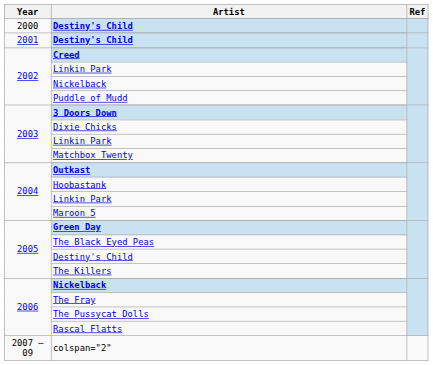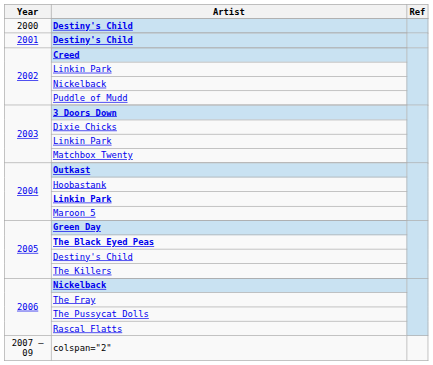 <table class="wikitable" style="width:100%;">
 <tr style="background:#bebebe;">
 <th style="width:11%;">Year</th>
 <th style="width:84%;">Artist</th>
 <th style="width:5%;">Ref</th>
 </tr>
 <tr>
 <td rowspan="2" align="center">2000</td>
 </tr>
 <tr style="background:#c9e2f2">
 <td><strong><a href='#'>Destiny's Child</a></strong></td>
 <td rowspan="2" align="center"></td>
 </tr>
 <tr>
 <td rowspan="2" align="center"><a href='#'>2001</a></td>
 </tr>
 <tr style="background:#c9e2f2">
 <td><strong><a href='#'>Destiny's Child</a></strong></td>
 <td rowspan="2" align="center"></td>
 </tr>
 <tr>
 <td rowspan="5" align="center"><a href='#'>2002</a></td>
 </tr>
 <tr style="background:#c9e2f2">
 <td><strong><a href='#'>Creed</a></strong></td>
 <td rowspan="5" align="center"></td>
 </tr>
 <tr>
 <td><a href='#'>Linkin Park</a></td>
 </tr>
 <tr>
 <td><a href='#'>Nickelback</a></td>
 </tr>
 <tr>
 <td><a href='#'>Puddle of Mudd</a></td>
 </tr>
 <tr>
 <td rowspan="5" align="center"><a href='#'>2003</a></td>
 </tr>
 <tr style="background:#c9e2f2">
 <td><strong><a href='#'>3 Doors Down</a></strong></td>
 <td rowspan="5" align="center"></td>
 </tr>
 <tr>
 <td><a href='#'>Dixie Chicks</a></td>
 </tr>
 <tr>
 <td><a href='#'>Linkin Park</a></td>
 </tr>
 <tr>
 <td><a href='#'>Matchbox Twenty</a></td>
 </tr>
 <tr>
 <td rowspan="5" align="center"><a href='#'>2004</a></td>
 </tr>
 <tr style="background:#c9e2f2">
 <td><strong><a href='#'>Outkast</a></strong></td>
 <td rowspan="5" align="center"></td>
 </tr>
 <tr>
 <td><a href='#'>Hoobastank</a></td>
 </tr>
 <tr>
-<td><a href='#'>Linkin Park</a></td>
+<td><strong><a href='#'>Linkin Park</a></strong></td>
 </tr>
 <tr>
 <td><a href='#'>Maroon 5</a></td>
 </tr>
 <tr>
 <td rowspan="5" align="center"><a href='#'>2005</a></td>
 </tr>
 <tr style="background:#c9e2f2">
 <td><strong><a href='#'>Green Day</a></strong></td>
 <td rowspan="5" align="center"></td>
 </tr>
 <tr>
-<td><a href='#'>The Black Eyed Peas</a></td>
+<td><strong><a href='#'>The Black Eyed Peas</a></strong></td>
 </tr>
 <tr>
 <td><a href='#'>Destiny's Child</a></td>
 </tr>
 <tr>
 <td><a href='#'>The Killers</a></td>
 </tr>
 <tr>
 <td rowspan="5" align="center"><a href='#'>2006</a></td>
 </tr>
 <tr style="background:#c9e2f2">
 <td><strong><a href='#'>Nickelback</a></strong></td>
 <td rowspan="4" align="center"></td>
 </tr>
 <tr>
 <td><a href='#'>The Fray</a></td>
 </tr>
 <tr>
 <td><a href='#'>The Pussycat Dolls</a></td>
 </tr>
 <tr>
 <td><a href='#'>Rascal Flatts</a></td>
 </tr>
 <tr>
 <td align="center">2007 – 09</td>
 <td>colspan="2" </td>
 </tr>
 </table>
